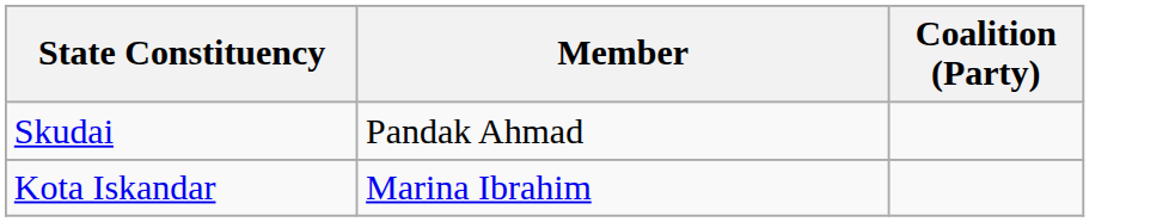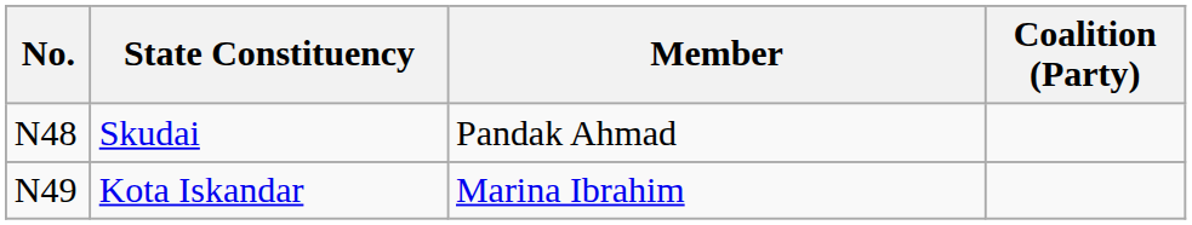 <table class="wikitable sortable">
 <tr>
+<th width="30">No.</th>
 <th width="150">State Constituency</th>
 <th width="230">Member</th>
 <th width="80">Coalition (Party)</th>
 </tr>
 <tr>
+<td>N48</td>
 <td><a href='#'>Skudai</a></td>
 <td>Pandak Ahmad</td>
 <td></td>
 </tr>
 <tr>
+<td>N49</td>
 <td><a href='#'>Kota Iskandar</a></td>
 <td><a href='#'>Marina Ibrahim</a></td>
 <td></td>
 </tr>
 </table>
